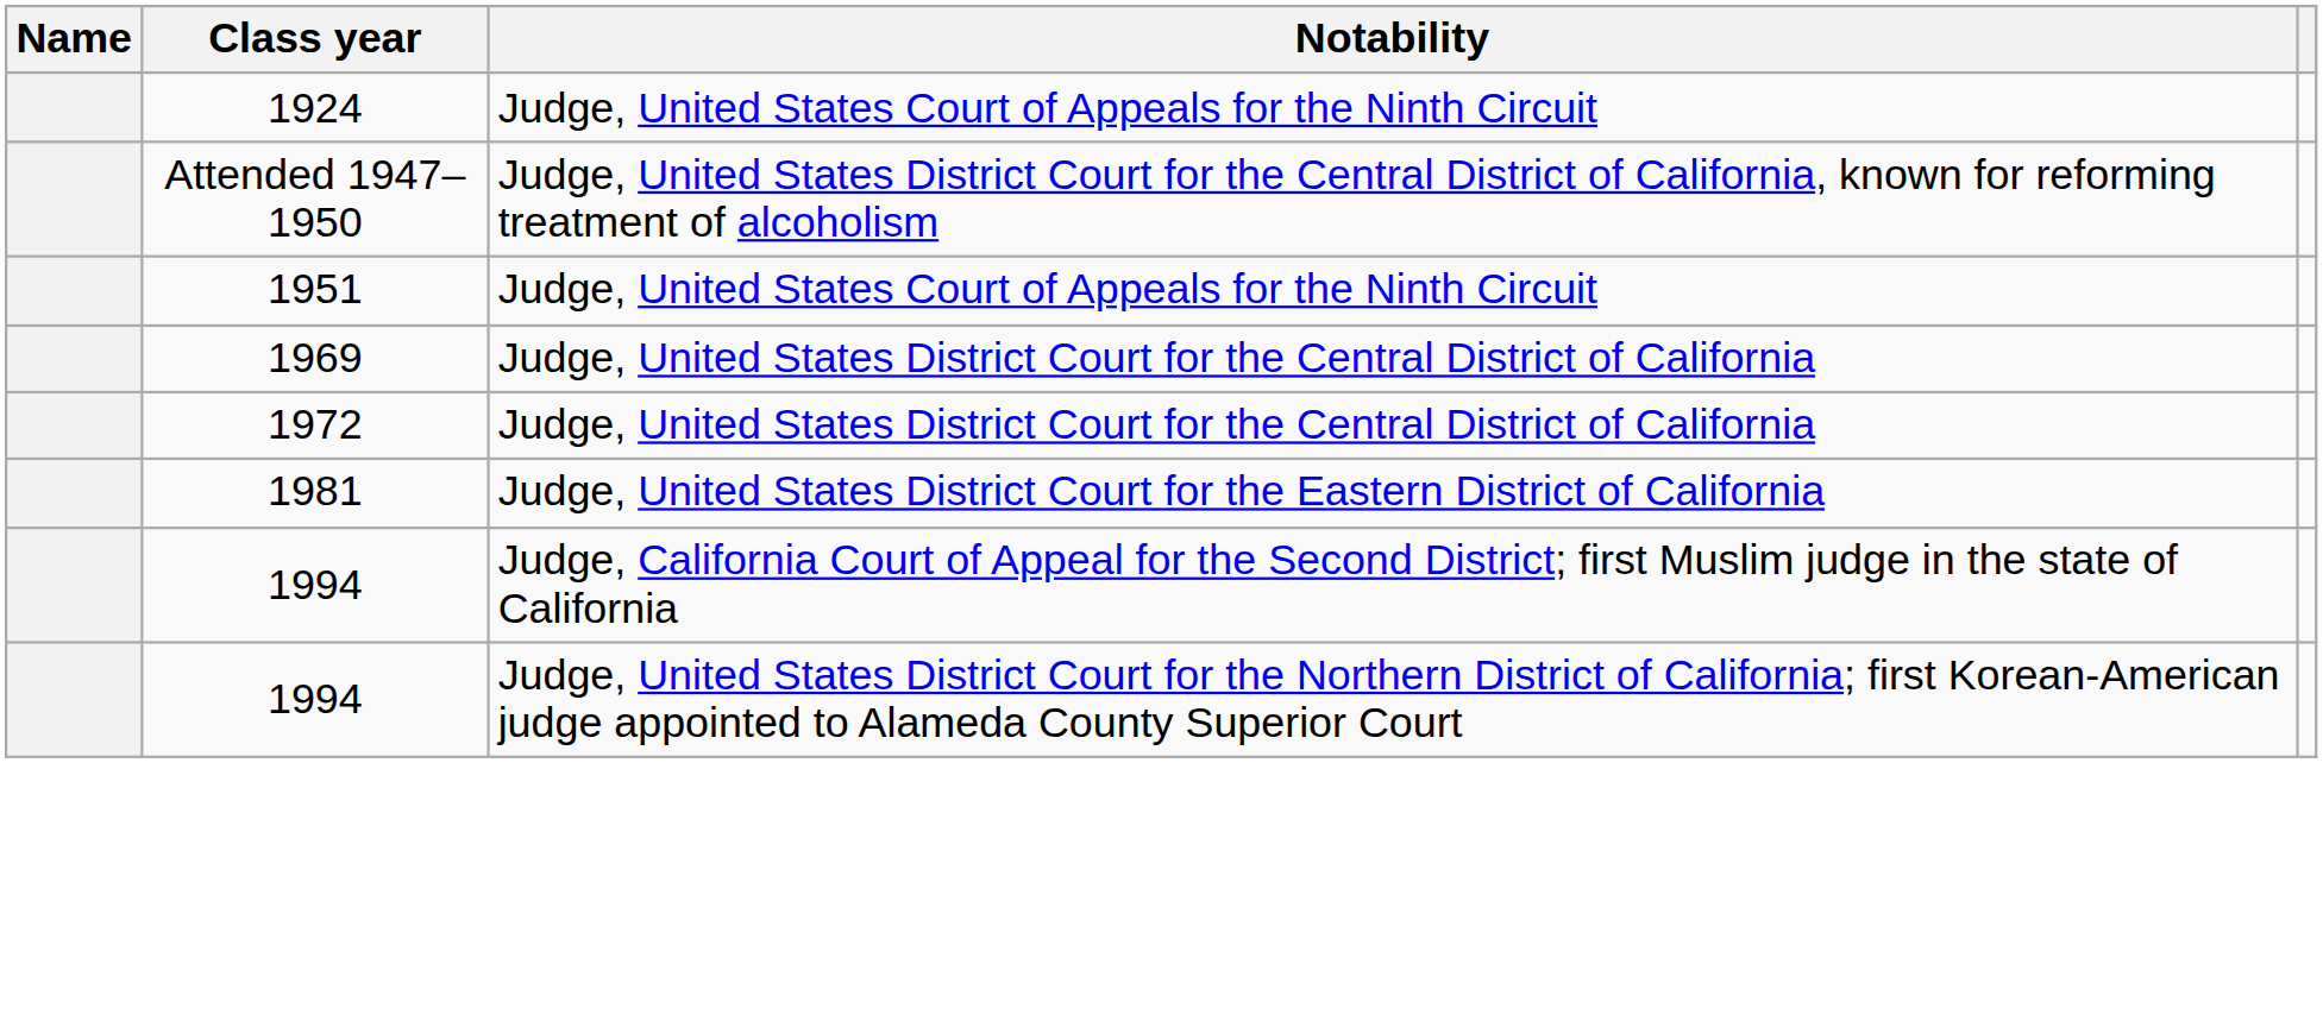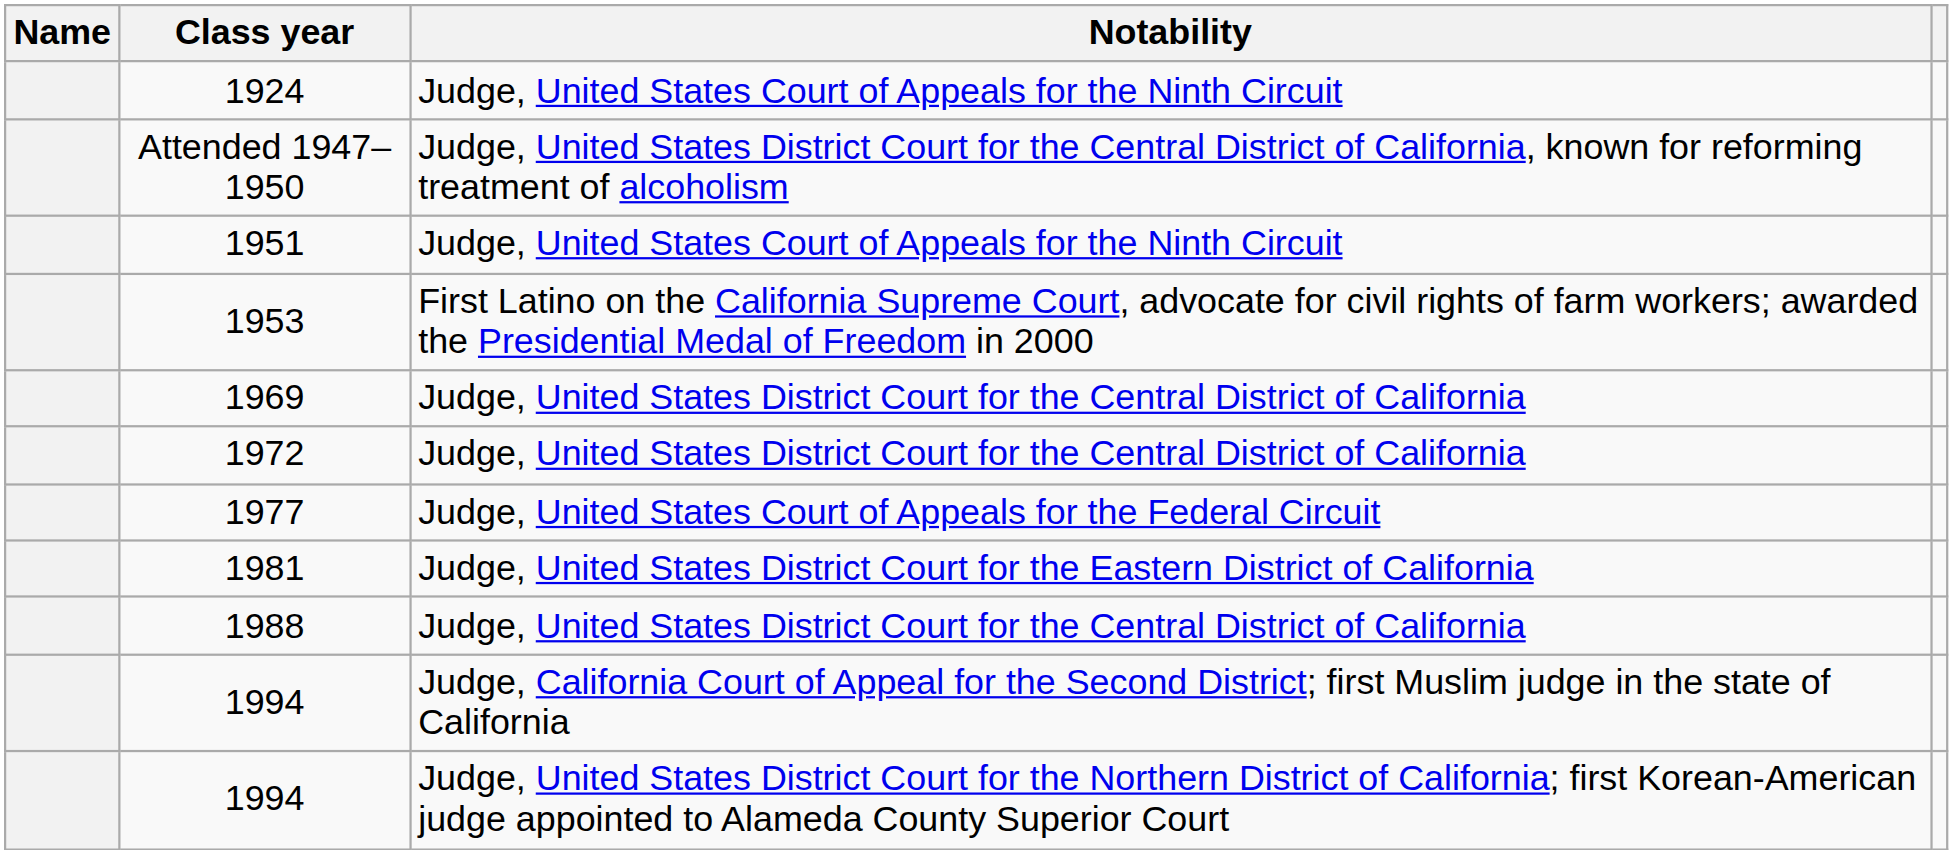 <table class="wikitable sortable plainrowheaders" style="text-align:center; border:2px solid #">
 <tr>
 <th scope="col">Name</th>
 <th scope="col">Class year</th>
 <th scope="col">Notability</th>
 <th scope="col"></th>
 </tr>
 <tr>
 <th scope="row"></th>
 <td>1924</td>
 <td style="text-align:left;">Judge, <a href='#'>United States Court of Appeals for the Ninth Circuit</a></td>
 <td></td>
 </tr>
 <tr>
 <th scope="row"></th>
 <td>Attended 1947–1950</td>
 <td style="text-align:left;">Judge, <a href='#'>United States District Court for the Central District of California</a>, known for reforming treatment of <a href='#'>alcoholism</a></td>
 <td></td>
 </tr>
 <tr>
 <th scope="row"></th>
 <td>1951</td>
 <td style="text-align:left;">Judge, <a href='#'>United States Court of Appeals for the Ninth Circuit</a></td>
 <td></td>
 </tr>
 <tr>
 <th scope="row"></th>
+<td>1953</td>
+<td style="text-align:left;">First Latino on the <a href='#'>California Supreme Court</a>, advocate for civil rights of farm workers; awarded the <a href='#'>Presidential Medal of Freedom</a> in 2000</td>
+<td></td>
+</tr>
+<tr>
+<th scope="row"></th>
 <td>1969</td>
 <td style="text-align:left;">Judge, <a href='#'>United States District Court for the Central District of California</a></td>
 <td></td>
 </tr>
 <tr>
 <th scope="row"></th>
 <td>1972</td>
 <td style="text-align:left;">Judge, <a href='#'>United States District Court for the Central District of California</a></td>
 <td></td>
 </tr>
 <tr>
 <th scope="row"></th>
+<td>1977</td>
+<td style="text-align:left;">Judge, <a href='#'>United States Court of Appeals for the Federal Circuit</a></td>
+<td></td>
+</tr>
+<tr>
+<th scope="row"></th>
 <td>1981</td>
 <td style="text-align:left;">Judge, <a href='#'>United States District Court for the Eastern District of California</a></td>
+<td></td>
+</tr>
+<tr>
+<th scope="row"></th>
+<td>1988</td>
+<td style="text-align:left;">Judge, <a href='#'>United States District Court for the Central District of California</a></td>
 <td></td>
 </tr>
 <tr>
 <th scope="row"></th>
 <td>1994</td>
 <td style="text-align:left;">Judge, <a href='#'>California Court of Appeal for the Second District</a>; first Muslim judge in the state of California</td>
 <td></td>
 </tr>
 <tr>
 <th scope="row"></th>
 <td>1994</td>
 <td style="text-align:left;">Judge, <a href='#'>United States District Court for the Northern District of California</a>; first Korean-American judge appointed to Alameda County Superior Court</td>
 <td></td>
 </tr>
 </table>
